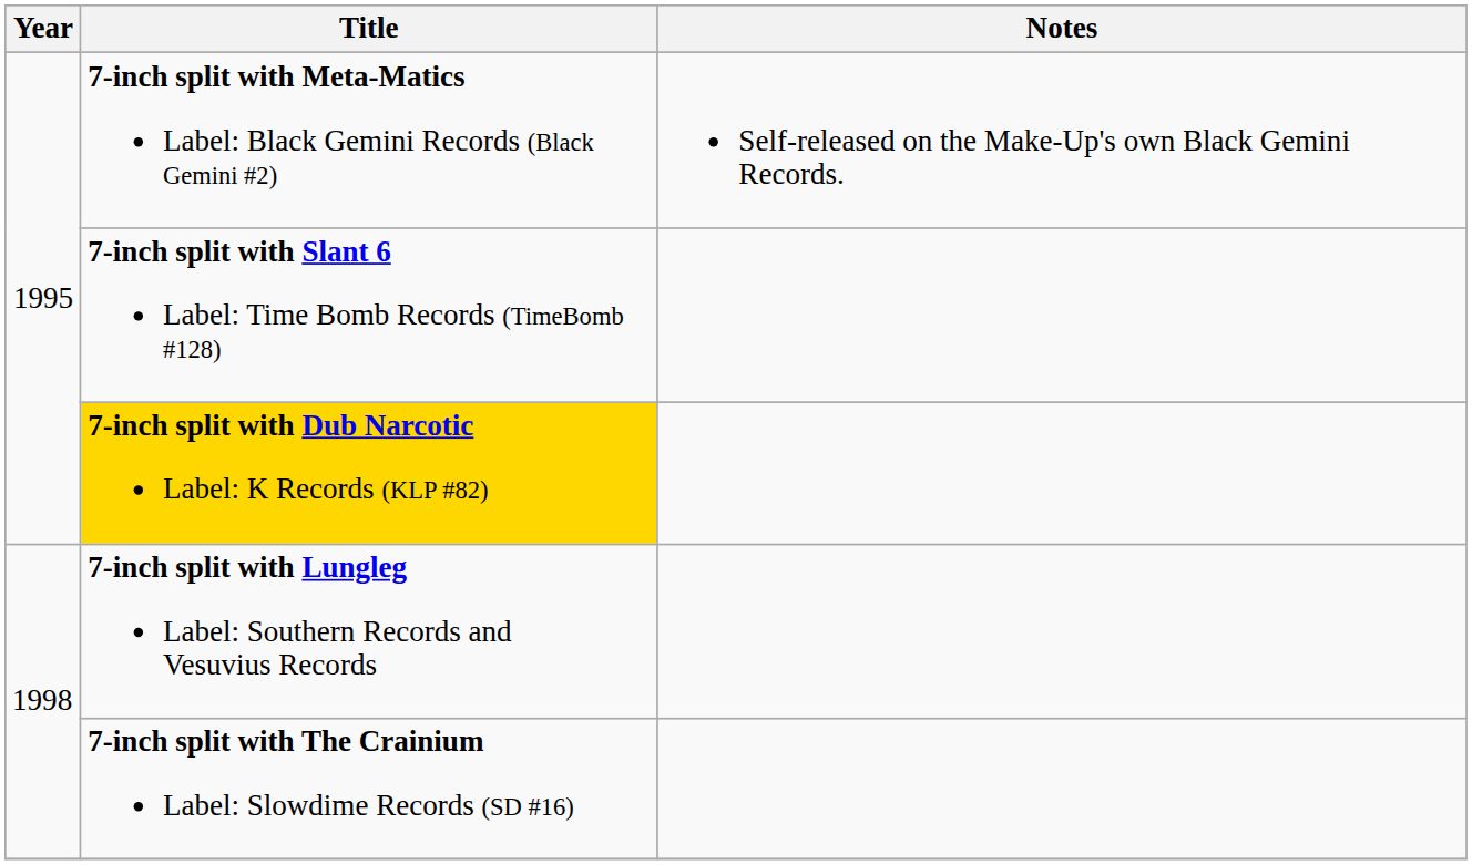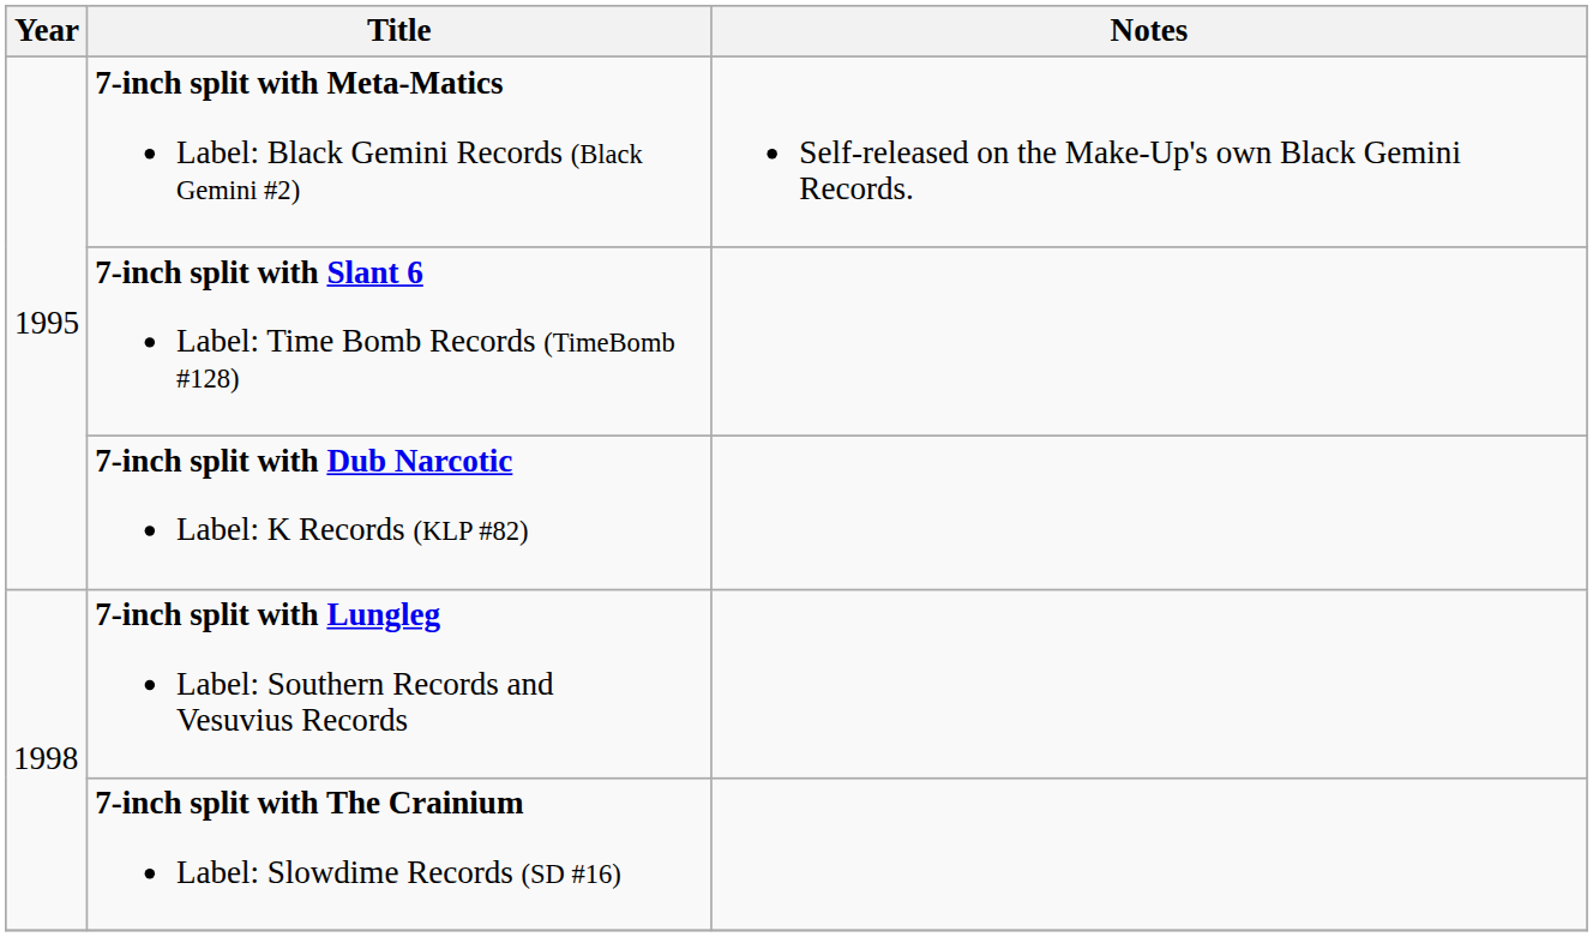 <table class="wikitable">
 <tr>
 <th width="33">Year</th>
 <th width="300">Title</th>
 <th width="425">Notes</th>
 </tr>
 <tr>
 <td align="center" rowspan="3">1995</td>
 <td><strong>7-inch split with Meta-Matics</strong><br><ul><li>Label: Black Gemini Records <small>(Black Gemini #2)</small></li></ul></td>
 <td><br><ul><li>Self-released on the Make-Up's own Black Gemini Records.</li></ul></td>
 </tr>
 <tr>
 <td><strong>7-inch split with <a href='#'>Slant 6</a></strong><br><ul><li>Label: Time Bomb Records <small>(TimeBomb #128)</small></li></ul></td>
 <td></td>
 </tr>
 <tr>
-<td style="background: gold;"><strong>7-inch split with <a href='#'>Dub Narcotic</a></strong><br><ul><li>Label: K Records <small>(KLP #82)</small></li></ul></td>
+<td><strong>7-inch split with <a href='#'>Dub Narcotic</a></strong><br><ul><li>Label: K Records <small>(KLP #82)</small></li></ul></td>
 <td></td>
 </tr>
 <tr>
 <td rowspan="2">1998</td>
 <td><strong>7-inch split with <a href='#'>Lungleg</a></strong><br><ul><li>Label: Southern Records and<br>Vesuvius Records</li></ul></td>
 <td></td>
 </tr>
 <tr>
 <td><strong>7-inch split with The Crainium</strong><br><ul><li>Label: Slowdime Records <small>(SD #16)</small></li></ul></td>
 <td></td>
 </tr>
 <tr>
 </tr>
 </table>
